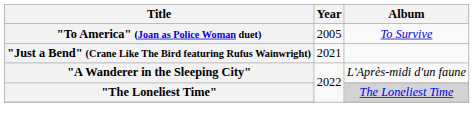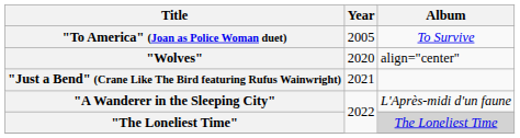 <table class="wikitable plainrowheaders">
 <tr>
 <th scope="col">Title</th>
 <th scope="col">Year</th>
 <th scope="col">Album</th>
 </tr>
 <tr>
 <th scope="row">"To America" <small>(<a href='#'>Joan as Police Woman</a> duet)</small></th>
 <td align="center">2005</td>
 <td align="center"><em><a href='#'>To Survive</a></em></td>
+</tr>
+<tr>
+<th scope="row">"Wolves"<br></th>
+<td align="center">2020</td>
+<td>align="center" </td>
 </tr>
 <tr>
 <th scope="row">"Just a Bend" <small>(Crane Like The Bird featuring Rufus Wainwright)</small></th>
 <td align="center">2021</td>
 <td></td>
 </tr>
 <tr>
 <th scope="row">"A Wanderer in the Sleeping City"<br></th>
 <td rowspan="3">2022</td>
 <td align="center"><em>L'Après-midi d'un faune</em></td>
 </tr>
 <tr>
 <th scope="row">"The Loneliest Time"<br></th>
 <td align="center" style="background: lightgrey;"><em><a href='#'>The Loneliest Time</a></em></td>
 </tr>
 <tr>
 </tr>
 </table>
